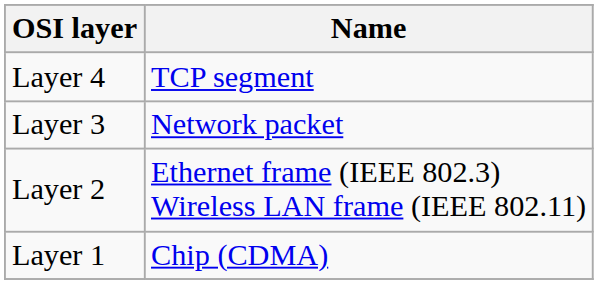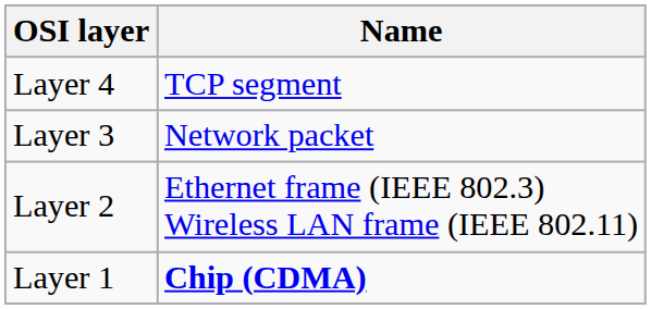 <table class="wikitable">
 <tr>
 <th>OSI layer</th>
 <th>Name</th>
 </tr>
 <tr>
 <td>Layer 4</td>
 <td><a href='#'>TCP segment</a></td>
 </tr>
 <tr>
 <td>Layer 3</td>
 <td><a href='#'>Network packet</a></td>
 </tr>
 <tr>
 <td>Layer 2</td>
 <td><a href='#'>Ethernet frame</a> (IEEE 802.3)<br><a href='#'>Wireless LAN frame</a> (IEEE 802.11)</td>
 </tr>
 <tr>
 <td>Layer 1</td>
-<td><a href='#'>Chip (CDMA)</a></td>
+<td><strong><a href='#'>Chip (CDMA)</a></strong></td>
 </tr>
 </table>
